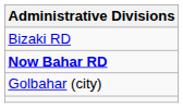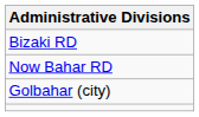 <table class="wikitable">
 <tr>
 <th>Administrative Divisions</th>
 </tr>
 <tr>
 <td><a href='#'>Bizaki RD</a></td>
 </tr>
 <tr>
-<td><strong><a href='#'>Now Bahar RD</a></strong></td>
+<td><a href='#'>Now Bahar RD</a></td>
 </tr>
 <tr>
 <td><a href='#'>Golbahar</a> (city)</td>
 </tr>
 <tr>
 <td colspan=1></td>
 </tr>
 </table>
